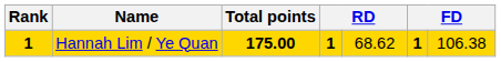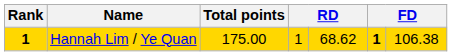 <table class="wikitable sortable">
 <tr>
 <th>Rank</th>
 <th>Name</th>
 <th>Total points</th>
 <th colspan="2" width="80px"><a href='#'>RD</a></th>
 <th colspan="2" width="80px"><a href='#'>FD</a></th>
 </tr>
 <tr bgcolor="gold">
 <td align="center"><strong>1</strong></td>
 <td><a href='#'>Hannah Lim</a> / <a href='#'>Ye Quan</a></td>
-<td align="center"><strong>175.00</strong></td>
-<td align="center"><strong>1</strong></td>
+<td align="center">175.00</td>
+<td align="center">1</td>
 <td align="center">68.62</td>
 <td align="center"><strong>1</strong></td>
 <td align="center">106.38</td>
 </tr>
 </table>
